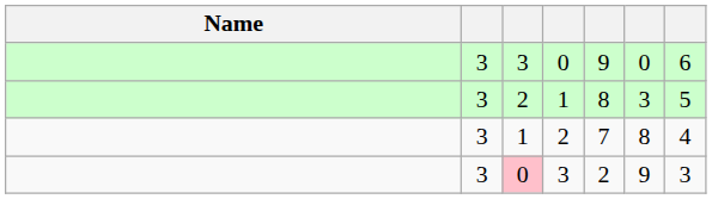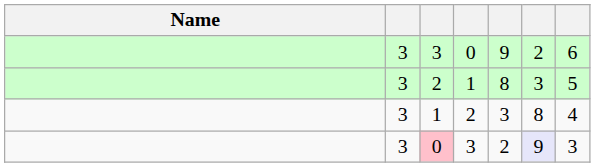 <table class=wikitable style="text-align:center">
 <tr>
 <th width=300>Name</th>
 <th width=20></th>
 <th width=20></th>
 <th width=20></th>
 <th width=20></th>
 <th width=20></th>
 <th width=20></th>
 </tr>
 <tr style="background-color:#ccffcc;">
 <td style="text-align:left;"></td>
 <td>3</td>
 <td>3</td>
 <td>0</td>
 <td>9</td>
-<td>0</td>
+<td>2</td>
 <td>6</td>
 </tr>
 <tr style="background-color:#ccffcc;">
 <td style="text-align:left;"></td>
 <td>3</td>
 <td>2</td>
 <td>1</td>
 <td>8</td>
 <td>3</td>
 <td>5</td>
 </tr>
 <tr>
 <td style="text-align:left;"></td>
 <td>3</td>
 <td>1</td>
 <td>2</td>
-<td>7</td>
+<td>3</td>
 <td>8</td>
 <td>4</td>
 </tr>
 <tr>
 <td style="text-align:left;"></td>
 <td>3</td>
 <td style="background: pink;">0</td>
 <td>3</td>
 <td>2</td>
-<td>9</td>
+<td style="background: lavender;">9</td>
 <td>3</td>
 </tr>
 </table>
